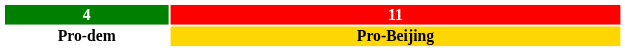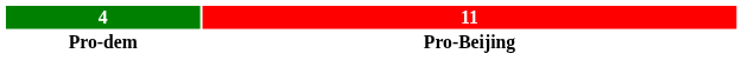 <table style="width:50%; text-align:center;">
 <tr style="color:white;">
 <td style="background:green; width:26.67%;"><strong>4</strong></td>
 <td style="background:red; width:73.33%;"><strong>11</strong></td>
 </tr>
 <tr>
 <td><span><strong>Pro-dem</strong></span></td>
-<td style="background: gold;"><span><strong>Pro-Beijing</strong></span></td>
+<td><span><strong>Pro-Beijing</strong></span></td>
 </tr>
 </table>
